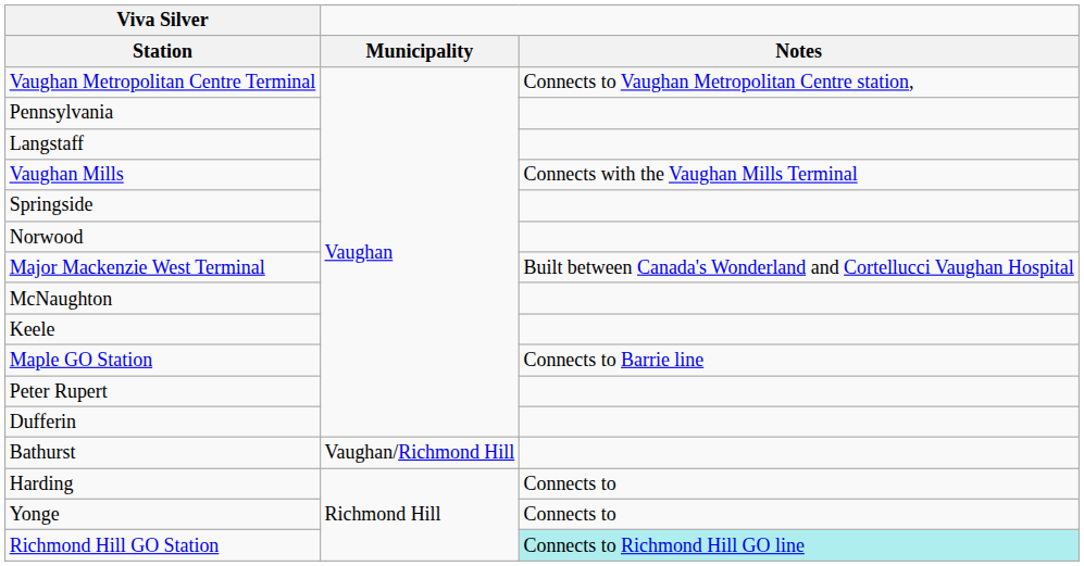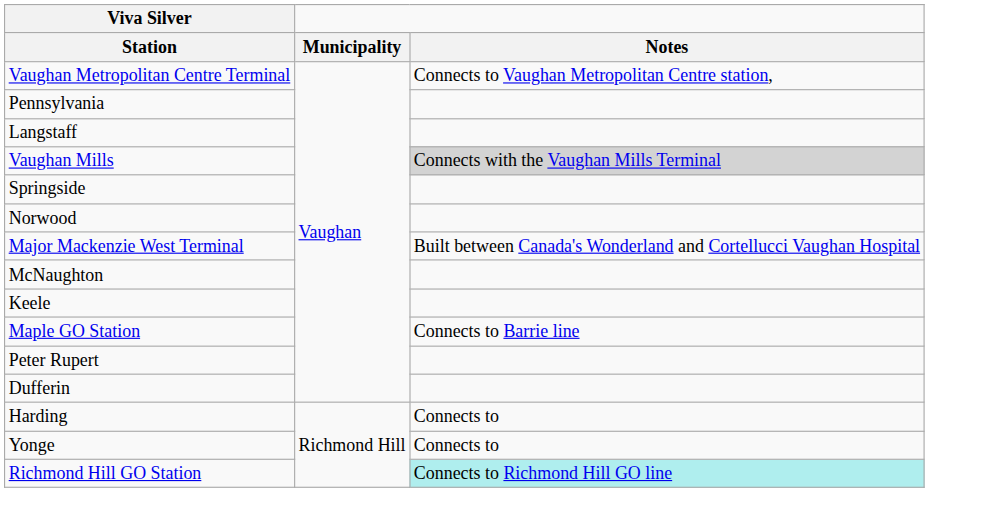 <table class="wikitable sortable">
 <tr>
 <th style="background:#">Viva Silver</th>
 </tr>
 <tr>
 <th>Station</th>
 <th>Municipality</th>
 <th>Notes</th>
 </tr>
 <tr>
 <td><a href='#'>Vaughan Metropolitan Centre Terminal</a></td>
 <td rowspan="12"><a href='#'>Vaughan</a></td>
 <td>Connects to  <a href='#'>Vaughan Metropolitan Centre station</a>, </td>
 </tr>
 <tr>
 <td>Pennsylvania</td>
 <td></td>
 </tr>
 <tr>
 <td>Langstaff</td>
 <td></td>
 </tr>
 <tr>
 <td><a href='#'>Vaughan Mills</a></td>
-<td>Connects with the <a href='#'>Vaughan Mills Terminal</a></td>
+<td style="background: lightgrey;">Connects with the <a href='#'>Vaughan Mills Terminal</a></td>
 </tr>
 <tr>
 <td>Springside</td>
 <td></td>
 </tr>
 <tr>
 <td>Norwood</td>
 <td></td>
 </tr>
 <tr>
 <td><a href='#'>Major Mackenzie West Terminal</a></td>
 <td>Built between <a href='#'>Canada's Wonderland</a> and <a href='#'>Cortellucci Vaughan Hospital</a></td>
 </tr>
 <tr>
 <td>McNaughton</td>
 <td></td>
 </tr>
 <tr>
 <td>Keele</td>
 <td></td>
 </tr>
 <tr>
 <td><a href='#'>Maple GO Station</a></td>
 <td>Connects to  <a href='#'>Barrie line</a></td>
 </tr>
 <tr>
 <td>Peter Rupert</td>
 <td></td>
 </tr>
 <tr>
 <td>Dufferin</td>
 <td></td>
 </tr>
 <tr>
-<td>Bathurst</td>
-<td>Vaughan/<a href='#'>Richmond Hill</a></td>
-<td></td>
-</tr>
-<tr>
 <td>Harding</td>
 <td rowspan="3">Richmond Hill</td>
 <td>Connects to </td>
 </tr>
 <tr>
 <td>Yonge</td>
 <td>Connects to  </td>
 </tr>
 <tr>
 <td><a href='#'>Richmond Hill GO Station</a></td>
 <td style="background: paleturquoise;">Connects to  <a href='#'>Richmond Hill GO line</a></td>
 </tr>
 </table>
